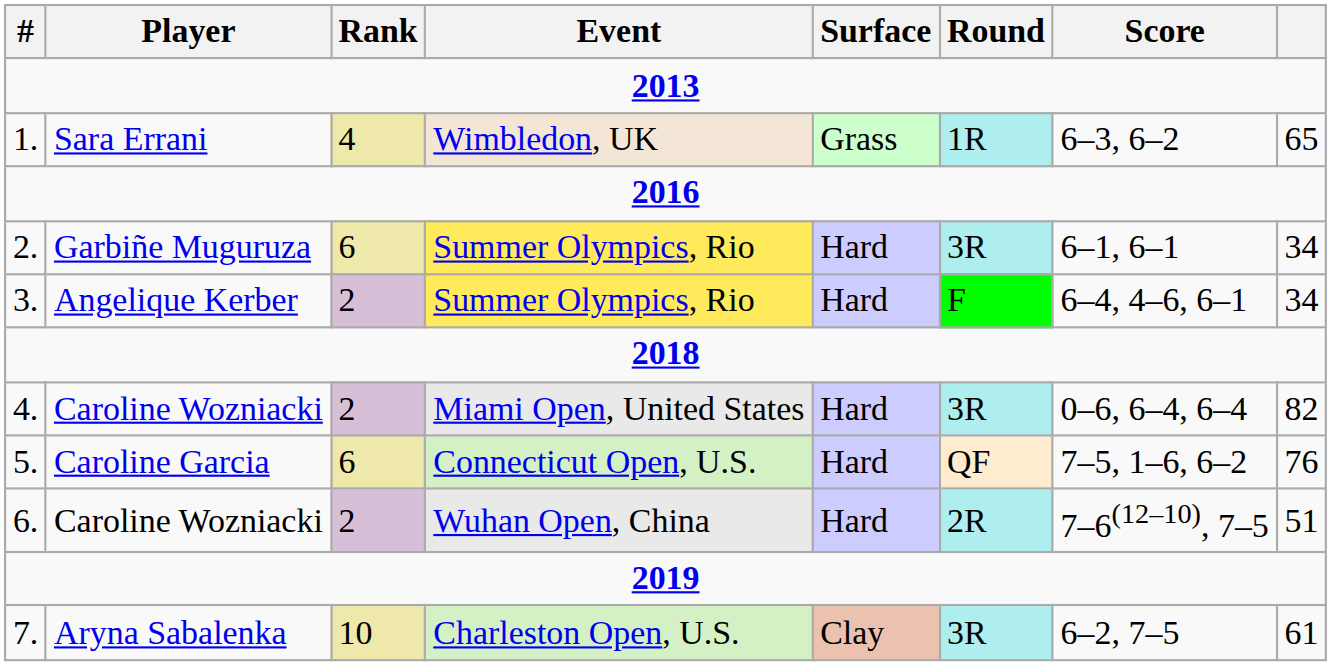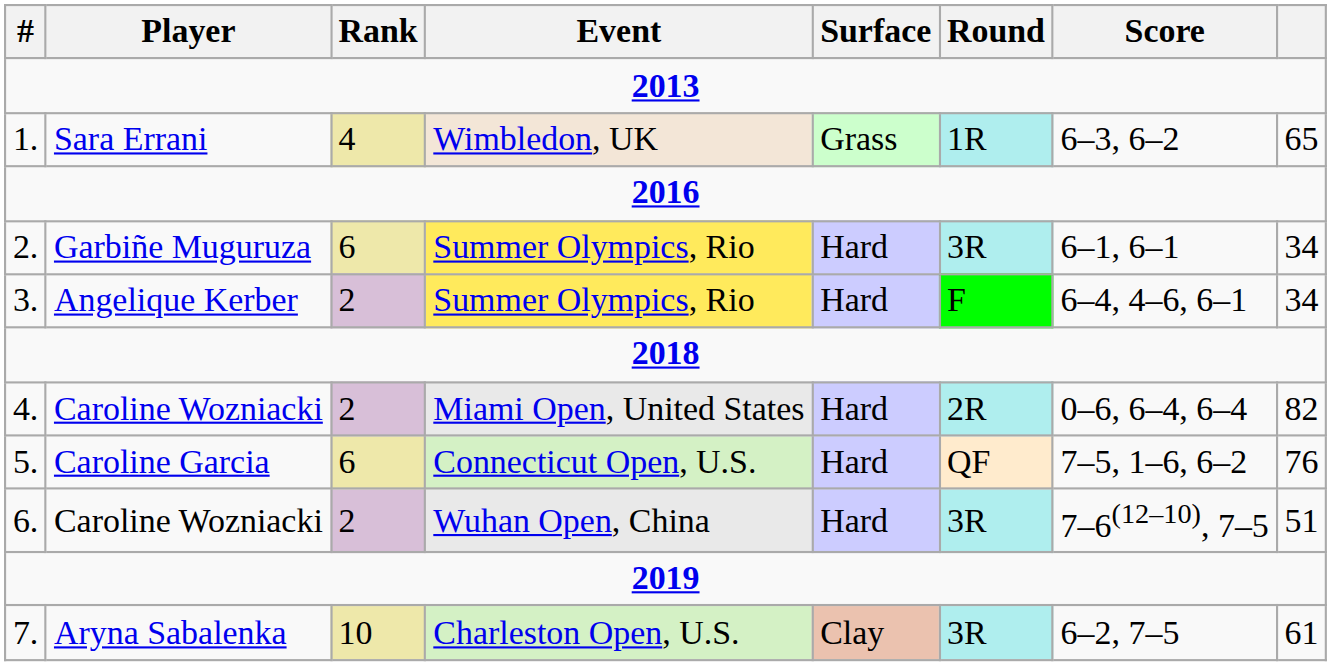 <table class="wikitable sortable">
 <tr>
 <th>#</th>
 <th>Player</th>
 <th>Rank</th>
 <th>Event</th>
 <th>Surface</th>
 <th>Round</th>
 <th>Score</th>
 <th></th>
 </tr>
 <tr>
 <td align=center  colspan=8><a href='#'><strong>2013</strong></a></td>
 </tr>
 <tr>
 <td>1.</td>
 <td> <a href='#'>Sara Errani</a></td>
 <td bgcolor="#eee8aa">4</td>
 <td bgcolor="#f3e6d7"><a href='#'>Wimbledon</a>, UK</td>
 <td bgcolor="#ccffcc">Grass</td>
 <td bgcolor="#afeeee">1R</td>
 <td>6–3, 6–2</td>
 <td>65</td>
 </tr>
 <tr>
 <td align=center  colspan=8><a href='#'><strong>2016</strong></a></td>
 </tr>
 <tr>
 <td>2.</td>
 <td> <a href='#'>Garbiñe Muguruza</a></td>
 <td bgcolor="#eee8aa">6</td>
 <td bgcolor="#FFEA5C"><a href='#'>Summer Olympics</a>, Rio</td>
 <td bgcolor="#ccccff">Hard</td>
 <td bgcolor="#afeeee">3R</td>
 <td>6–1, 6–1</td>
 <td>34</td>
 </tr>
 <tr>
 <td>3.</td>
 <td> <a href='#'>Angelique Kerber</a></td>
 <td bgcolor="thistle">2</td>
 <td bgcolor="#FFEA5C"><a href='#'>Summer Olympics</a>, Rio</td>
 <td bgcolor="#ccccff">Hard</td>
 <td bgcolor=lime>F</td>
 <td>6–4, 4–6, 6–1</td>
 <td>34</td>
 </tr>
 <tr>
 <td align=center  colspan=8><a href='#'><strong>2018</strong></a></td>
 </tr>
 <tr>
 <td>4.</td>
 <td> <a href='#'>Caroline Wozniacki</a></td>
 <td bgcolor="thistle">2</td>
 <td bgcolor=e9e9e9><a href='#'>Miami Open</a>, United States</td>
 <td bgcolor="#ccccff">Hard</td>
-<td bgcolor=#afeeee>3R</td>
+<td bgcolor=#afeeee>2R</td>
 <td>0–6, 6–4, 6–4</td>
 <td>82</td>
 </tr>
 <tr>
 <td>5.</td>
 <td> <a href='#'>Caroline Garcia</a></td>
 <td bgcolor="#eee8aa">6</td>
 <td bgcolor=d4f1c5><a href='#'>Connecticut Open</a>, U.S.</td>
 <td bgcolor="#ccccff">Hard</td>
 <td bgcolor=ffebcd>QF</td>
 <td>7–5, 1–6, 6–2</td>
 <td>76</td>
 </tr>
 <tr>
 <td>6.</td>
 <td> Caroline Wozniacki</td>
 <td bgcolor=thistle>2</td>
 <td bgcolor=e9e9e9><a href='#'>Wuhan Open</a>, China</td>
 <td bgcolor="#ccccff">Hard</td>
-<td bgcolor=#afeeee>2R</td>
+<td bgcolor=#afeeee>3R</td>
 <td>7–6<sup>(12–10)</sup>, 7–5</td>
 <td>51</td>
 </tr>
 <tr>
 <td align=center colspan=8><a href='#'><strong>2019</strong></a></td>
 </tr>
 <tr>
 <td>7.</td>
 <td> <a href='#'>Aryna Sabalenka</a></td>
 <td bgcolor="#eee8aa">10</td>
 <td bgcolor=d4f1c5><a href='#'>Charleston Open</a>, U.S.</td>
 <td bgcolor="#ebc2af">Clay</td>
 <td bgcolor=#afeeee>3R</td>
 <td>6–2, 7–5</td>
 <td>61</td>
 </tr>
 </table>
